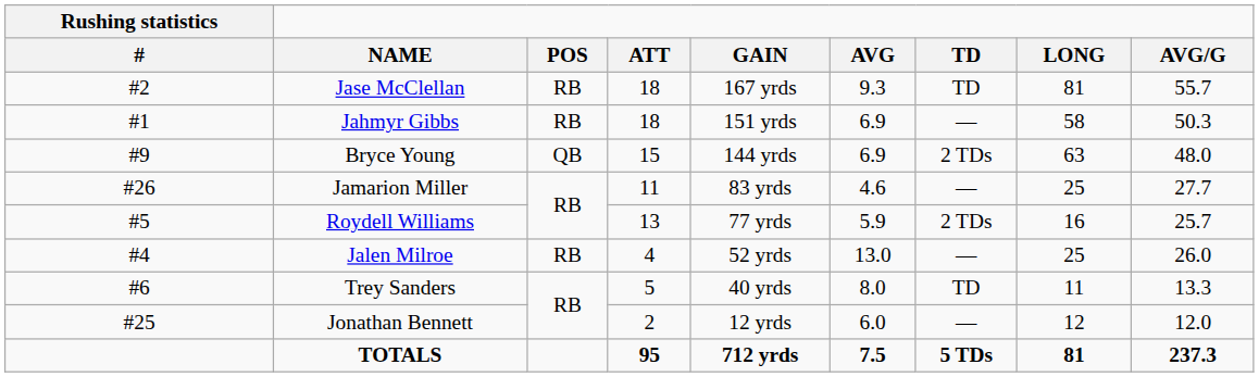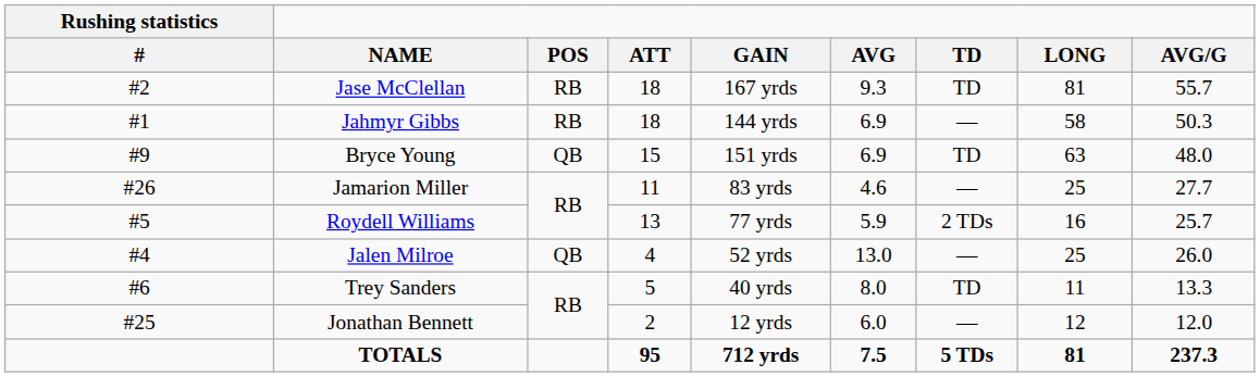 <table style="width:60%; text-align:center;" class="wikitable collapsible collapsed">
 <tr>
 <th style="text-align:center; ">Rushing statistics</th>
 </tr>
 <tr>
 <th>#</th>
 <th>NAME</th>
 <th>POS</th>
 <th>ATT</th>
 <th>GAIN</th>
 <th>AVG</th>
 <th>TD</th>
 <th>LONG</th>
 <th>AVG/G</th>
 </tr>
 <tr>
 <td>#2</td>
 <td><a href='#'>Jase McClellan</a></td>
 <td>RB</td>
 <td>18</td>
 <td>167 yrds</td>
 <td>9.3</td>
 <td>TD</td>
 <td>81</td>
 <td>55.7</td>
 </tr>
 <tr>
 <td>#1</td>
 <td><a href='#'>Jahmyr Gibbs</a></td>
 <td>RB</td>
 <td>18</td>
-<td>151 yrds</td>
+<td>144 yrds</td>
 <td>6.9</td>
 <td>—</td>
 <td>58</td>
 <td>50.3</td>
 </tr>
 <tr>
 <td>#9</td>
 <td>Bryce Young</td>
 <td>QB</td>
 <td>15</td>
-<td>144 yrds</td>
+<td>151 yrds</td>
 <td>6.9</td>
-<td>2 TDs</td>
+<td>TD</td>
 <td>63</td>
 <td>48.0</td>
 </tr>
 <tr =>
 <td>#26</td>
 <td>Jamarion Miller</td>
 <td rowspan=2>RB</td>
 <td>11</td>
 <td>83 yrds</td>
 <td>4.6</td>
 <td>—</td>
 <td>25</td>
 <td>27.7</td>
 </tr>
 <tr>
 <td>#5</td>
 <td><a href='#'>Roydell Williams</a></td>
 <td>13</td>
 <td>77 yrds</td>
 <td>5.9</td>
 <td>2 TDs</td>
 <td>16</td>
 <td>25.7</td>
 </tr>
 <tr>
 <td>#4</td>
 <td><a href='#'>Jalen Milroe</a></td>
-<td>RB</td>
+<td>QB</td>
 <td>4</td>
 <td>52 yrds</td>
 <td>13.0</td>
 <td>—</td>
 <td>25</td>
 <td>26.0</td>
 </tr>
 <tr>
 <td>#6</td>
 <td>Trey Sanders</td>
 <td rowspan=2>RB</td>
 <td>5</td>
 <td>40 yrds</td>
 <td>8.0</td>
 <td>TD</td>
 <td>11</td>
 <td>13.3</td>
 </tr>
 <tr>
 <td>#25</td>
 <td>Jonathan Bennett</td>
 <td>2</td>
 <td>12 yrds</td>
 <td>6.0</td>
 <td>—</td>
 <td>12</td>
 <td>12.0</td>
 </tr>
 <tr>
 <td></td>
 <td><strong>TOTALS</strong></td>
 <td></td>
 <td><strong>95</strong></td>
 <td><strong>712 yrds</strong></td>
 <td><strong>7.5</strong></td>
 <td><strong>5 TDs</strong></td>
 <td><strong>81</strong></td>
 <td><strong>237.3</strong></td>
 </tr>
 </table>
